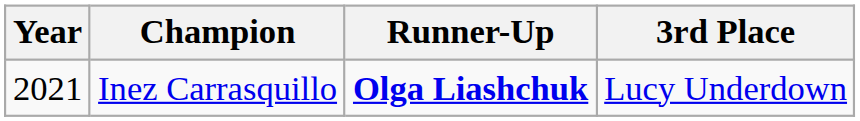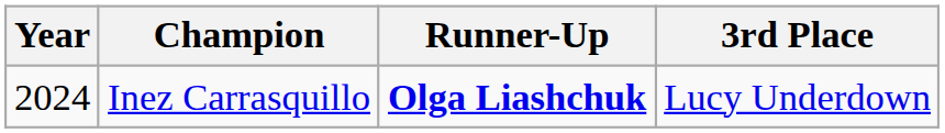 <table class="wikitable" style="display: inline-table;">
 <tr>
 <th>Year</th>
 <th>Champion</th>
 <th>Runner-Up</th>
 <th>3rd Place</th>
 </tr>
 <tr>
-<td>2021</td>
+<td>2024</td>
 <td> <a href='#'>Inez Carrasquillo</a></td>
 <td><strong> <a href='#'>Olga Liashchuk</a></strong></td>
 <td> <a href='#'>Lucy Underdown</a></td>
 </tr>
 </table>
